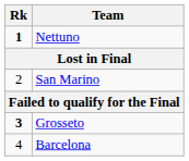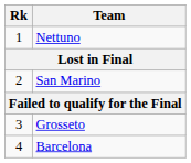 <table class=wikitable style=text-align:center>
 <tr>
 <th width=25>Rk</th>
 <th width=170>Team</th>
 </tr>
 <tr>
-<td><strong>1</strong></td>
+<td>1</td>
 <td align=left> <a href='#'>Nettuno</a></td>
 </tr>
 <tr>
 <th colspan="6">Lost in Final</th>
 </tr>
 <tr>
 <td>2</td>
 <td align=left> <a href='#'>San Marino</a></td>
 </tr>
 <tr>
 <th colspan="6">Failed to qualify for the Final</th>
 </tr>
 <tr>
-<td><strong>3</strong></td>
+<td>3</td>
 <td align=left> <a href='#'>Grosseto</a></td>
 </tr>
 <tr>
 <td>4</td>
 <td align=left> <a href='#'>Barcelona</a></td>
 </tr>
 </table>
